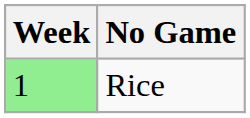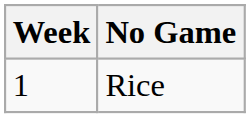 <table class="wikitable" style="font-size:95%">
 <tr>
 <th>Week</th>
 <th colspan="10">No Game</th>
 </tr>
 <tr>
-<td style="background: lightgreen;">1</td>
+<td>1</td>
 <td>Rice</td>
 </tr>
 </table>
